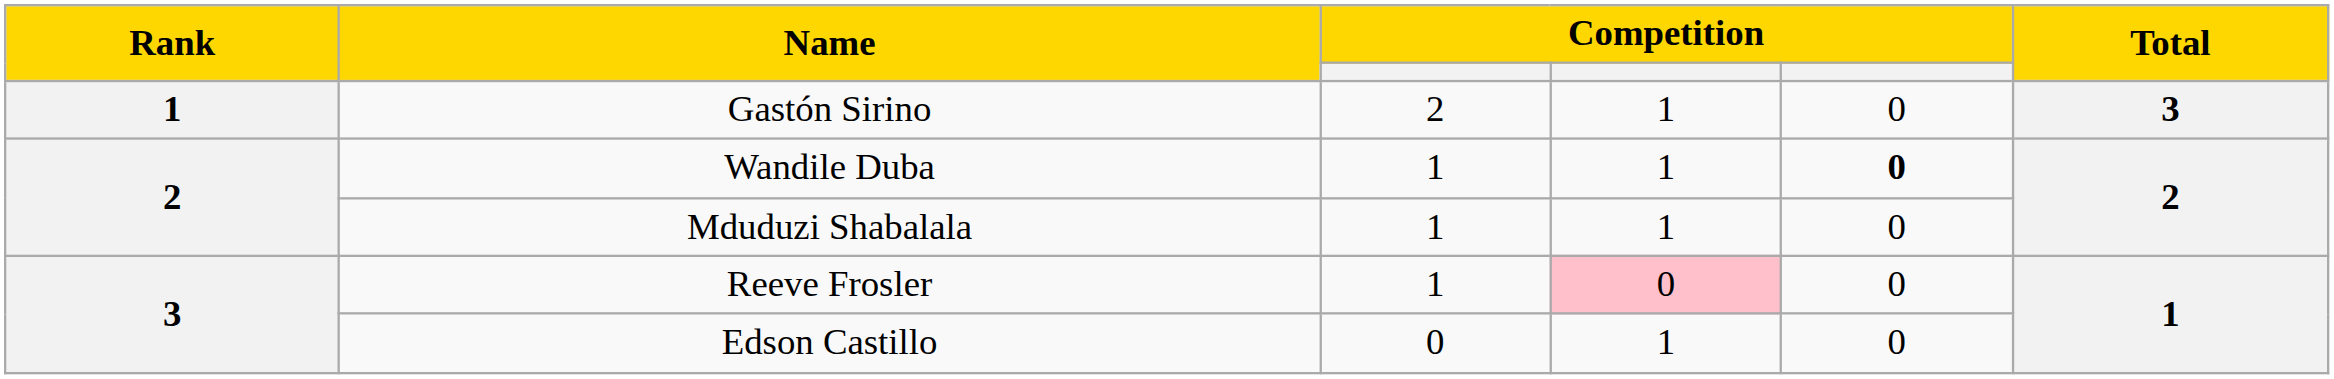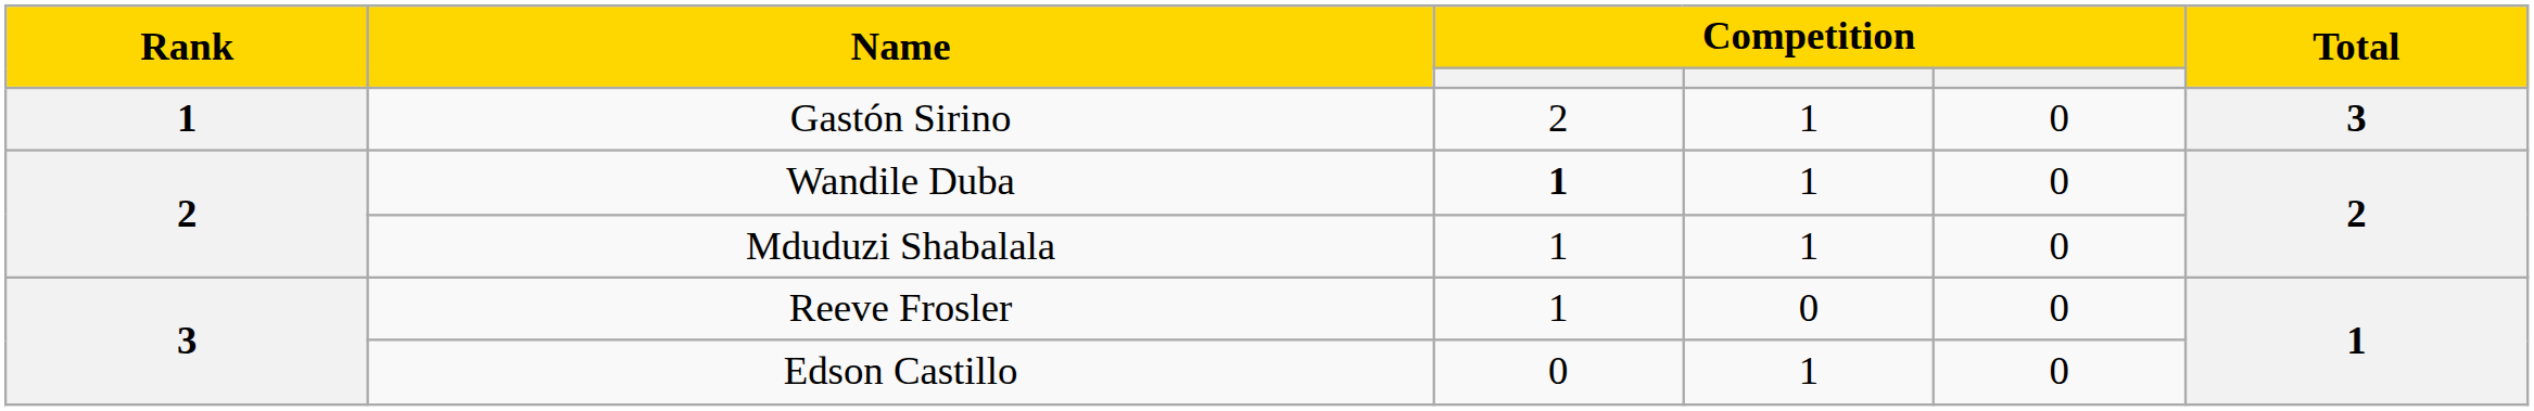 <table class="wikitable" style="text-align:center; width:80%;">
 <tr>
 <th rowspan="2" style="background:#FFD700; color:black; text-align:center;">Rank</th>
 <th rowspan="2" style="background:#FFD700; color:black; text-align:center;">Name</th>
 <th colspan="3" style="background:#FFD700; color:black; text-align:center;">Competition</th>
 <th rowspan="2" style="background:#FFD700; color:black; text-align:center;">Total</th>
 </tr>
 <tr>
 <th></th>
 <th></th>
 <th></th>
 </tr>
 <tr>
 <th>1</th>
 <td>Gastón Sirino</td>
 <td>2</td>
 <td>1</td>
 <td>0</td>
 <th>3</th>
 </tr>
 <tr>
 <th rowspan="2">2</th>
 <td>Wandile Duba</td>
+<td><strong>1</strong></td>
 <td>1</td>
-<td>1</td>
-<td><strong>0</strong></td>
+<td>0</td>
 <th rowspan="2">2</th>
 </tr>
 <tr>
 <td>Mduduzi Shabalala</td>
 <td>1</td>
 <td>1</td>
 <td>0</td>
 </tr>
 <tr>
 <th rowspan="2">3</th>
 <td>Reeve Frosler</td>
 <td>1</td>
-<td style="background: pink;">0</td>
+<td>0</td>
 <td>0</td>
 <th rowspan="2">1</th>
 </tr>
 <tr>
 <td>Edson Castillo</td>
 <td>0</td>
 <td>1</td>
 <td>0</td>
 </tr>
 </table>
